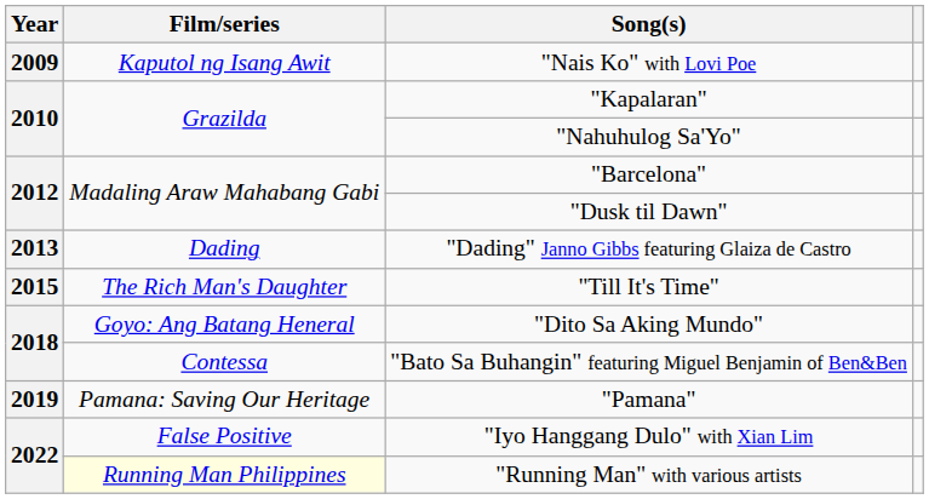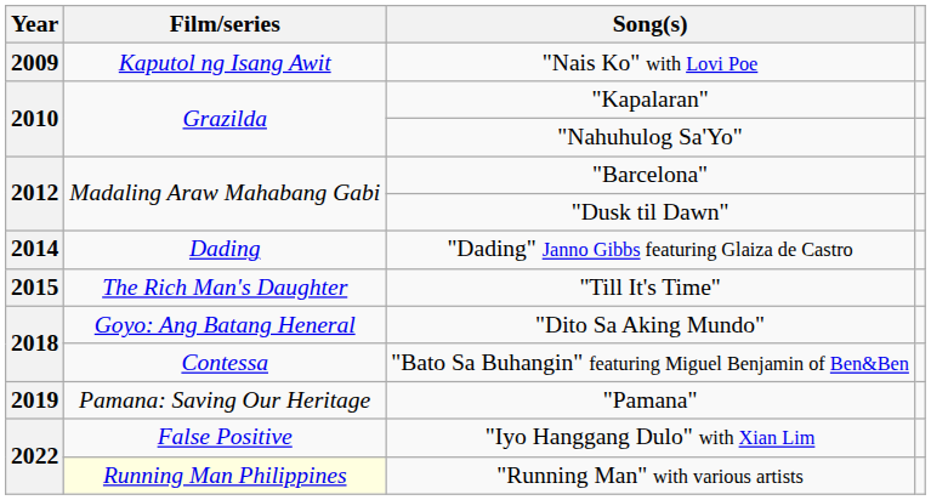 <table class="wikitable plainrowheaders" style="text-align:center;">
 <tr>
 <th scope="col">Year</th>
 <th scope="col">Film/series</th>
 <th scope="col">Song(s)</th>
 <th scope="col"></th>
 </tr>
 <tr>
 <th scope="row">2009</th>
 <td><em><a href='#'>Kaputol ng Isang Awit</a></em></td>
 <td>"Nais Ko" <small>with <a href='#'>Lovi Poe</a></small></td>
 <td></td>
 </tr>
 <tr>
 <th scope="row" rowspan="2">2010</th>
 <td rowspan="2"><em><a href='#'>Grazilda</a></em></td>
 <td>"Kapalaran"</td>
 <td></td>
 </tr>
 <tr>
 <td>"Nahuhulog Sa'Yo"</td>
 <td></td>
 </tr>
 <tr>
 <th scope="row" rowspan="2">2012</th>
 <td rowspan="2"><em>Madaling Araw Mahabang Gabi</em></td>
 <td>"Barcelona"</td>
 <td></td>
 </tr>
 <tr>
 <td>"Dusk til Dawn"</td>
 <td></td>
 </tr>
 <tr>
-<th scope="row">2013</th>
+<th scope="row">2014</th>
 <td><em><a href='#'>Dading</a></em></td>
 <td>"Dading" <small><a href='#'>Janno Gibbs</a> featuring Glaiza de Castro</small></td>
 <td></td>
 </tr>
 <tr>
 <th scope="row">2015</th>
 <td><em><a href='#'>The Rich Man's Daughter</a></em></td>
 <td>"Till It's Time"</td>
 <td></td>
 </tr>
 <tr>
 <th scope="row" rowspan="2">2018</th>
 <td><em><a href='#'>Goyo: Ang Batang Heneral</a></em></td>
 <td>"Dito Sa Aking Mundo"</td>
 <td></td>
 </tr>
 <tr>
 <td><em><a href='#'>Contessa</a></em></td>
 <td>"Bato Sa Buhangin" <small>featuring Miguel Benjamin of <a href='#'>Ben&Ben</a></small></td>
 <td></td>
 </tr>
 <tr>
 <th scope="row">2019</th>
 <td><em>Pamana: Saving Our Heritage</em></td>
 <td>"Pamana"</td>
 <td></td>
 </tr>
 <tr>
 <th scope="row" rowspan="2">2022</th>
 <td><em><a href='#'>False Positive</a></em></td>
 <td>"Iyo Hanggang Dulo" <small>with <a href='#'>Xian Lim</a></small></td>
 <td></td>
 </tr>
 <tr>
 <td style="background: lightyellow;"><em><a href='#'>Running Man Philippines</a></em></td>
 <td>"Running Man" <small>with various artists</small></td>
 <td></td>
 </tr>
 </table>
